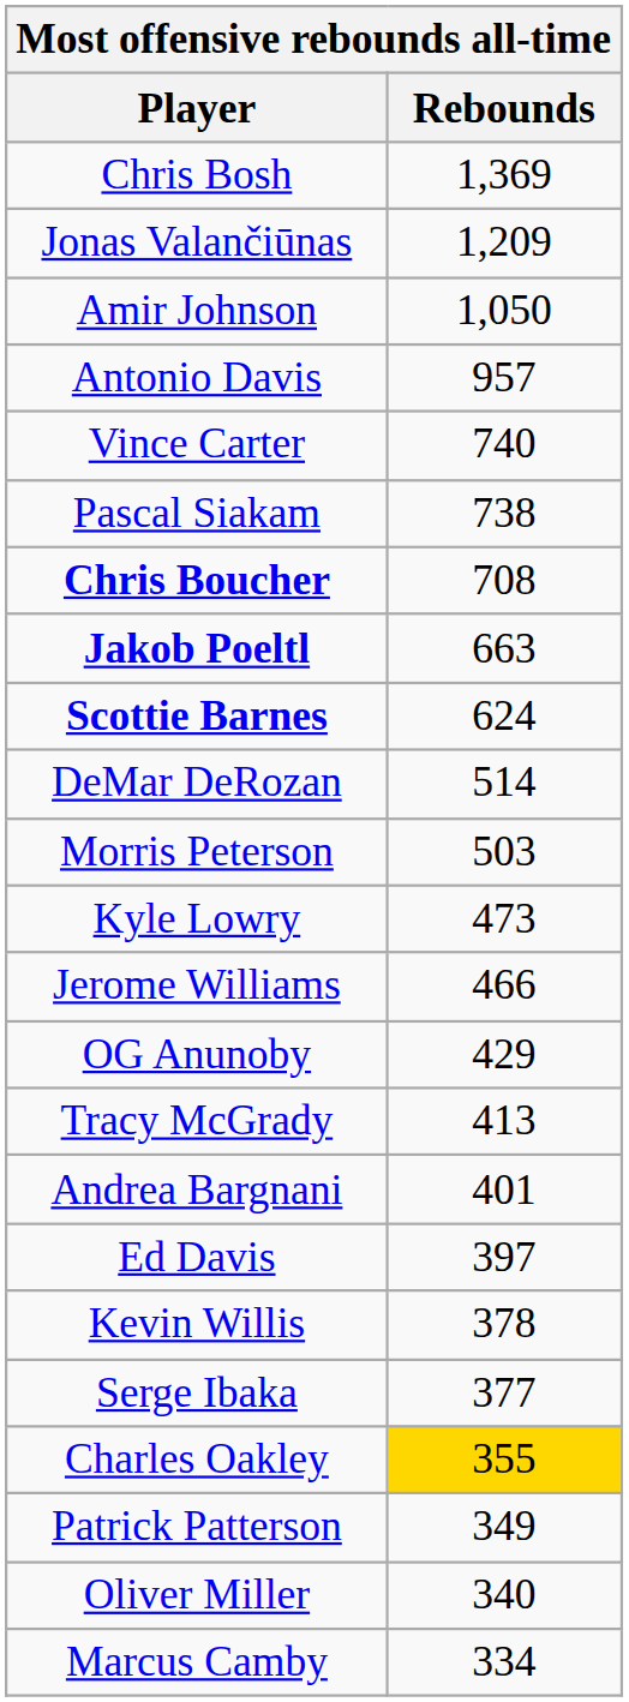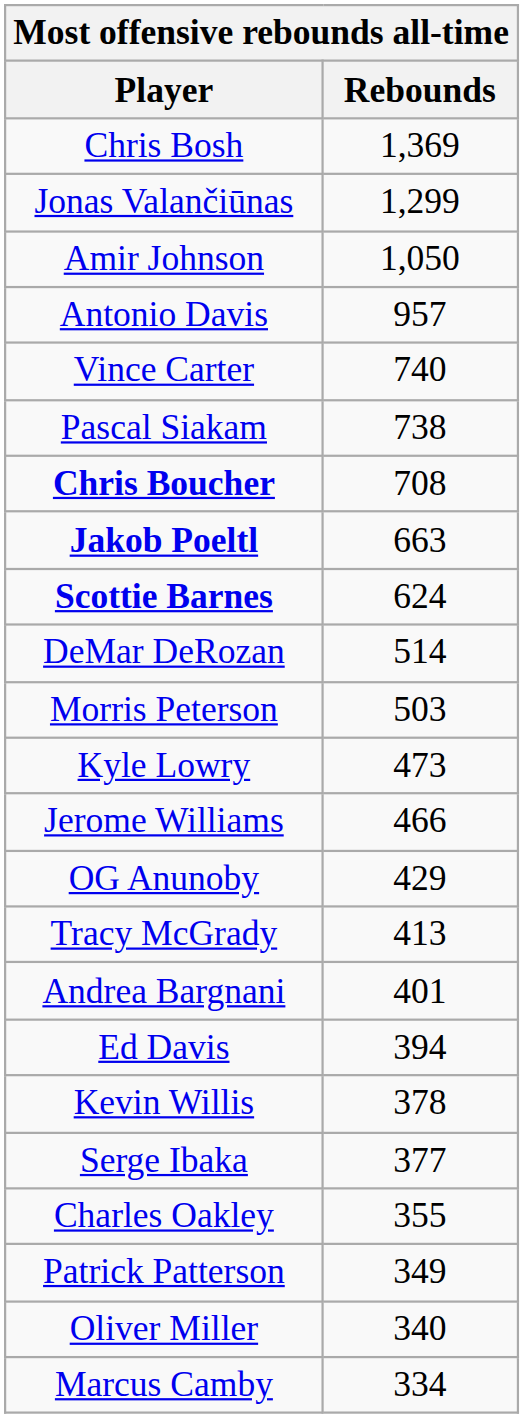 <table class="wikitable sortable" style="text-align:center">
 <tr>
 <th colspan="2">Most offensive rebounds all-time</th>
 </tr>
 <tr>
 <th>Player</th>
 <th>Rebounds</th>
 </tr>
 <tr>
 <td><a href='#'>Chris Bosh</a></td>
 <td>1,369</td>
 </tr>
 <tr>
 <td><a href='#'>Jonas Valančiūnas</a></td>
-<td>1,209</td>
+<td>1,299</td>
 </tr>
 <tr>
 <td><a href='#'>Amir Johnson</a></td>
 <td>1,050</td>
 </tr>
 <tr>
 <td><a href='#'>Antonio Davis</a></td>
 <td>957</td>
 </tr>
 <tr>
 <td><a href='#'>Vince Carter</a></td>
 <td>740</td>
 </tr>
 <tr>
 <td><a href='#'>Pascal Siakam</a></td>
 <td>738</td>
 </tr>
 <tr>
 <td><strong><a href='#'>Chris Boucher</a></strong></td>
 <td>708</td>
 </tr>
 <tr>
 <td><strong><a href='#'>Jakob Poeltl</a></strong></td>
 <td>663</td>
 </tr>
 <tr>
 <td><strong><a href='#'>Scottie Barnes</a></strong></td>
 <td>624</td>
 </tr>
 <tr>
 <td><a href='#'>DeMar DeRozan</a></td>
 <td>514</td>
 </tr>
 <tr>
 <td><a href='#'>Morris Peterson</a></td>
 <td>503</td>
 </tr>
 <tr>
 <td><a href='#'>Kyle Lowry</a></td>
 <td>473</td>
 </tr>
 <tr>
 <td><a href='#'>Jerome Williams</a></td>
 <td>466</td>
 </tr>
 <tr>
 <td><a href='#'>OG Anunoby</a></td>
 <td>429</td>
 </tr>
 <tr>
 <td><a href='#'>Tracy McGrady</a></td>
 <td>413</td>
 </tr>
 <tr>
 <td><a href='#'>Andrea Bargnani</a></td>
 <td>401</td>
 </tr>
 <tr>
 <td><a href='#'>Ed Davis</a></td>
-<td>397</td>
+<td>394</td>
 </tr>
 <tr>
 <td><a href='#'>Kevin Willis</a></td>
 <td>378</td>
 </tr>
 <tr>
 <td><a href='#'>Serge Ibaka</a></td>
 <td>377</td>
 </tr>
 <tr>
 <td><a href='#'>Charles Oakley</a></td>
-<td style="background: gold;">355</td>
+<td>355</td>
 </tr>
 <tr>
 <td><a href='#'>Patrick Patterson</a></td>
 <td>349</td>
 </tr>
 <tr>
 <td><a href='#'>Oliver Miller</a></td>
 <td>340</td>
 </tr>
 <tr>
 <td><a href='#'>Marcus Camby</a></td>
 <td>334</td>
 </tr>
 </table>
